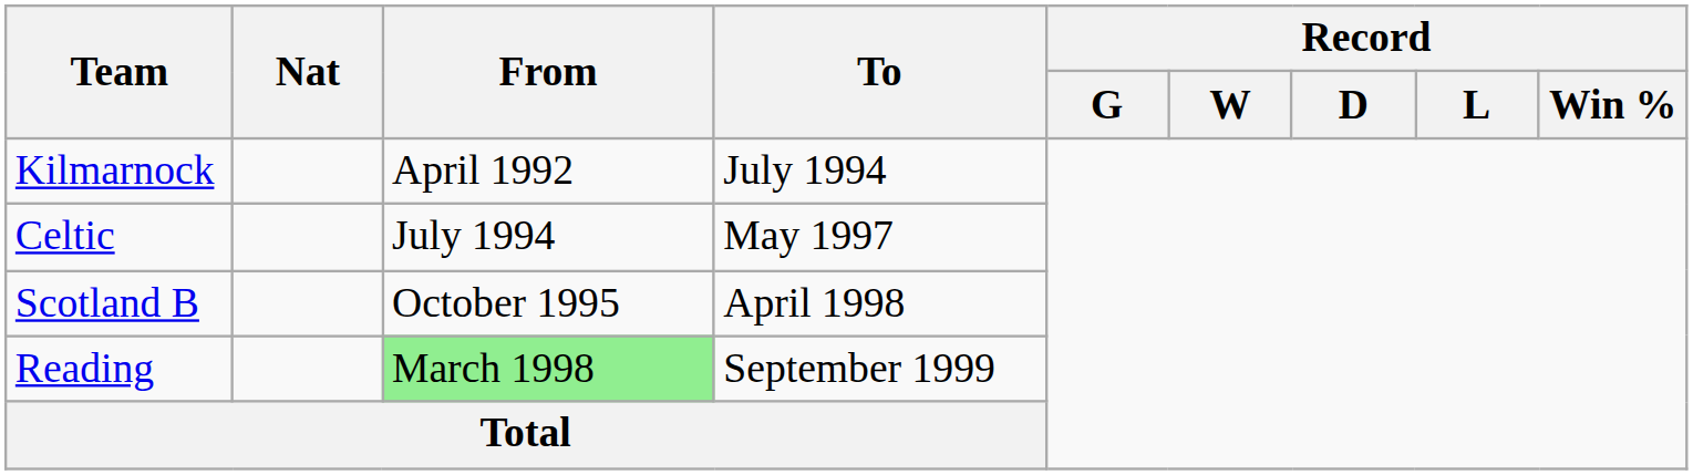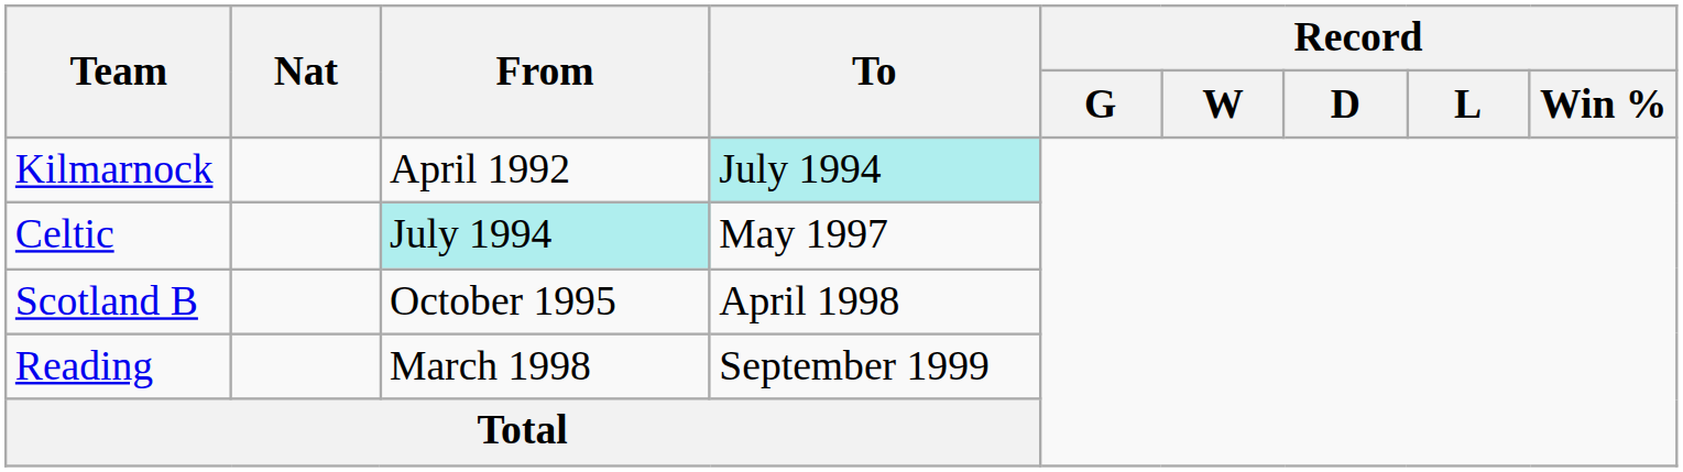 <table class="wikitable" style="text-align: center">
 <tr>
 <th rowspan=2! width=80>Team</th>
 <th rowspan=2! width=50>Nat</th>
 <th rowspan=2! width=120>From</th>
 <th rowspan=2! width=120>To</th>
 <th colspan=5>Record</th>
 </tr>
 <tr>
 <th width=40>G</th>
 <th width=40>W</th>
 <th width=40>D</th>
 <th width=40>L</th>
 <th width=50>Win %</th>
 </tr>
 <tr>
 <td align=left><a href='#'>Kilmarnock</a></td>
 <td></td>
 <td align=left>April 1992</td>
-<td align=left>July 1994<br></td>
+<td align=left style="background: paleturquoise;">July 1994<br></td>
 </tr>
 <tr>
 <td align=left><a href='#'>Celtic</a></td>
 <td></td>
-<td align=left>July 1994</td>
+<td align=left style="background: paleturquoise;">July 1994</td>
 <td align=left>May 1997<br></td>
 </tr>
 <tr>
 <td align=left><a href='#'>Scotland B</a></td>
 <td></td>
 <td align=left>October 1995</td>
 <td align=left>April 1998<br></td>
 </tr>
 <tr>
 <td align=left><a href='#'>Reading</a></td>
 <td></td>
-<td align=left style="background: lightgreen;">March 1998</td>
+<td align=left>March 1998</td>
 <td align=left>September 1999<br></td>
 </tr>
 <tr>
 <th colspan=4>Total<br></th>
 </tr>
 </table>
